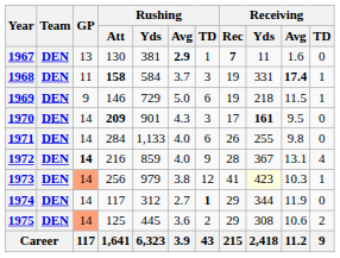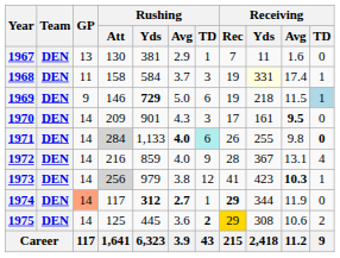 <table class="wikitable" style="text-align: center;">
 <tr>
 <th rowspan="2">Year</th>
 <th rowspan="2">Team</th>
 <th rowspan="2">GP</th>
 <th colspan="4">Rushing</th>
 <th colspan="4">Receiving</th>
 </tr>
 <tr>
 <th>Att</th>
 <th>Yds</th>
 <th>Avg</th>
 <th>TD</th>
 <th>Rec</th>
 <th>Yds</th>
 <th>Avg</th>
 <th>TD</th>
 </tr>
 <tr>
 <th><a href='#'>1967</a></th>
 <th><a href='#'>DEN</a></th>
 <td>13</td>
 <td>130</td>
 <td>381</td>
-<td><strong>2.9</strong></td>
+<td>2.9</td>
 <td>1</td>
-<td><strong>7</strong></td>
+<td>7</td>
 <td>11</td>
 <td>1.6</td>
 <td>0</td>
 </tr>
 <tr>
 <th><a href='#'>1968</a></th>
 <th><a href='#'>DEN</a></th>
 <td>11</td>
-<td><strong>158</strong></td>
+<td>158</td>
 <td>584</td>
 <td>3.7</td>
 <td>3</td>
 <td>19</td>
-<td>331</td>
-<td><strong>17.4</strong></td>
+<td style="background: lightyellow;">331</td>
+<td>17.4</td>
 <td>1</td>
 </tr>
 <tr>
 <th><a href='#'>1969</a></th>
 <th><a href='#'>DEN</a></th>
 <td>9</td>
 <td>146</td>
-<td>729</td>
+<td><strong>729</strong></td>
 <td>5.0</td>
 <td>6</td>
 <td>19</td>
 <td>218</td>
 <td>11.5</td>
-<td>1</td>
+<td style="background: lightblue;">1</td>
 </tr>
 <tr>
 <th><a href='#'>1970</a></th>
 <th><a href='#'>DEN</a></th>
 <td>14</td>
-<td><strong>209</strong></td>
+<td>209</td>
 <td>901</td>
 <td>4.3</td>
 <td>3</td>
 <td>17</td>
-<td><strong>161</strong></td>
-<td>9.5</td>
+<td>161</td>
+<td><strong>9.5</strong></td>
 <td>0</td>
 </tr>
 <tr>
 <th><a href='#'>1971</a></th>
 <th><a href='#'>DEN</a></th>
 <td>14</td>
-<td>284</td>
+<td style="background: lightgrey;">284</td>
 <td>1,133</td>
-<td>4.0</td>
-<td>6</td>
+<td><strong>4.0</strong></td>
+<td style="background: paleturquoise;">6</td>
 <td>26</td>
 <td>255</td>
 <td>9.8</td>
-<td>0</td>
+<td><strong>0</strong></td>
 </tr>
 <tr>
 <th><a href='#'>1972</a></th>
 <th><a href='#'>DEN</a></th>
-<td><strong>14</strong></td>
+<td>14</td>
 <td>216</td>
 <td>859</td>
 <td>4.0</td>
 <td>9</td>
 <td>28</td>
 <td>367</td>
 <td>13.1</td>
 <td>4</td>
 </tr>
 <tr>
 <th><a href='#'>1973</a></th>
 <th><a href='#'>DEN</a></th>
-<td style="background: lightsalmon;">14</td>
-<td>256</td>
+<td>14</td>
+<td style="background: lightgrey;">256</td>
 <td>979</td>
 <td>3.8</td>
 <td>12</td>
 <td>41</td>
-<td style="background: lightyellow;">423</td>
-<td>10.3</td>
+<td>423</td>
+<td><strong>10.3</strong></td>
 <td>1</td>
 </tr>
 <tr>
 <th><a href='#'>1974</a></th>
 <th><a href='#'>DEN</a></th>
-<td>14</td>
+<td style="background: lightsalmon;">14</td>
 <td>117</td>
-<td>312</td>
-<td>2.7</td>
-<td><strong>1</strong></td>
-<td>29</td>
+<td><strong>312</strong></td>
+<td><strong>2.7</strong></td>
+<td>1</td>
+<td><strong>29</strong></td>
 <td>344</td>
 <td>11.9</td>
 <td>0</td>
 </tr>
 <tr>
 <th><a href='#'>1975</a></th>
 <th><a href='#'>DEN</a></th>
-<td style="background: lightsalmon;">14</td>
+<td>14</td>
 <td>125</td>
 <td>445</td>
 <td>3.6</td>
-<td>2</td>
-<td>29</td>
+<td><strong>2</strong></td>
+<td style="background: gold;">29</td>
 <td>308</td>
 <td>10.6</td>
 <td>2</td>
 </tr>
 <tr>
 <th colspan="2">Career</th>
 <th>117</th>
 <th>1,641</th>
 <th>6,323</th>
 <th>3.9</th>
 <th>43</th>
 <th>215</th>
 <th>2,418</th>
 <th>11.2</th>
 <th>9</th>
 </tr>
 </table>
